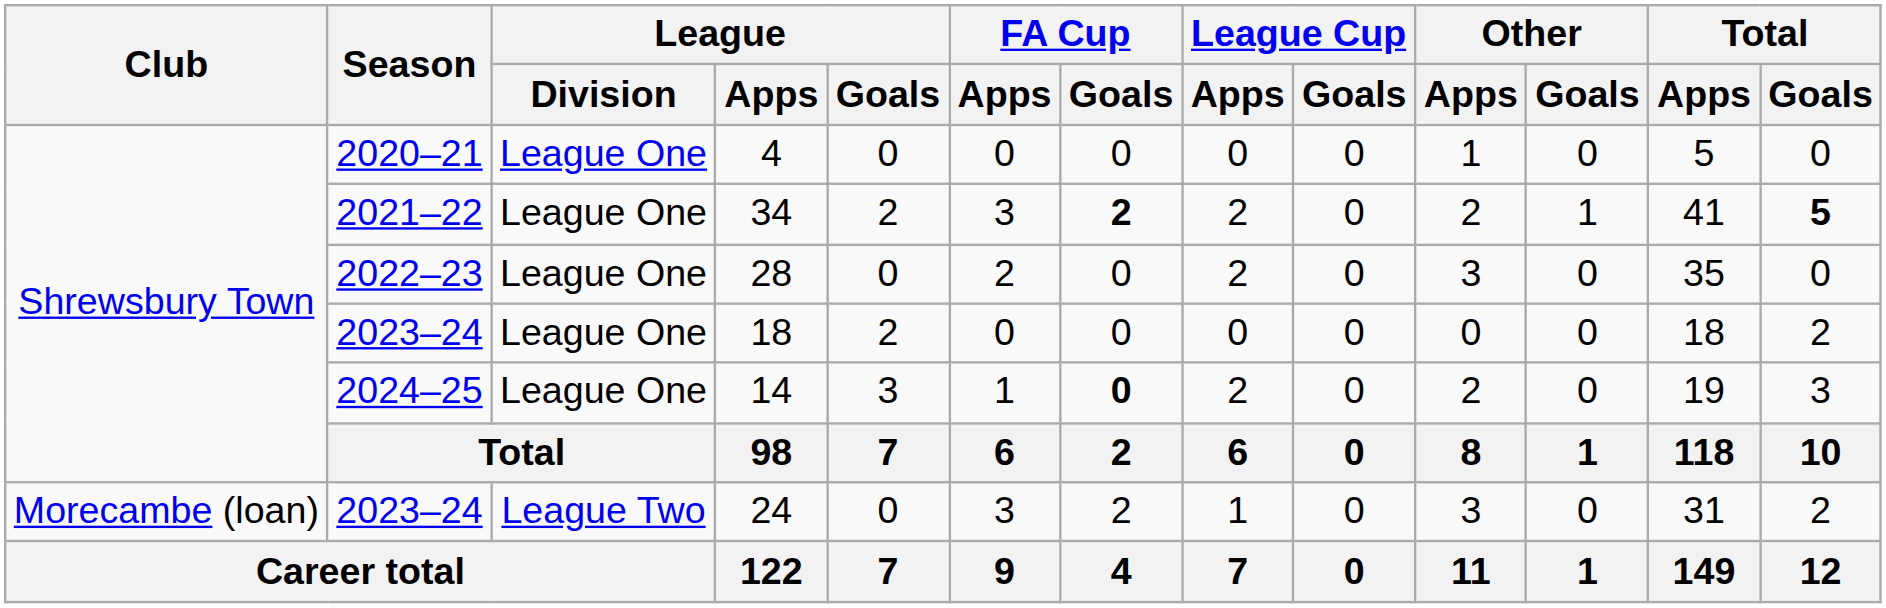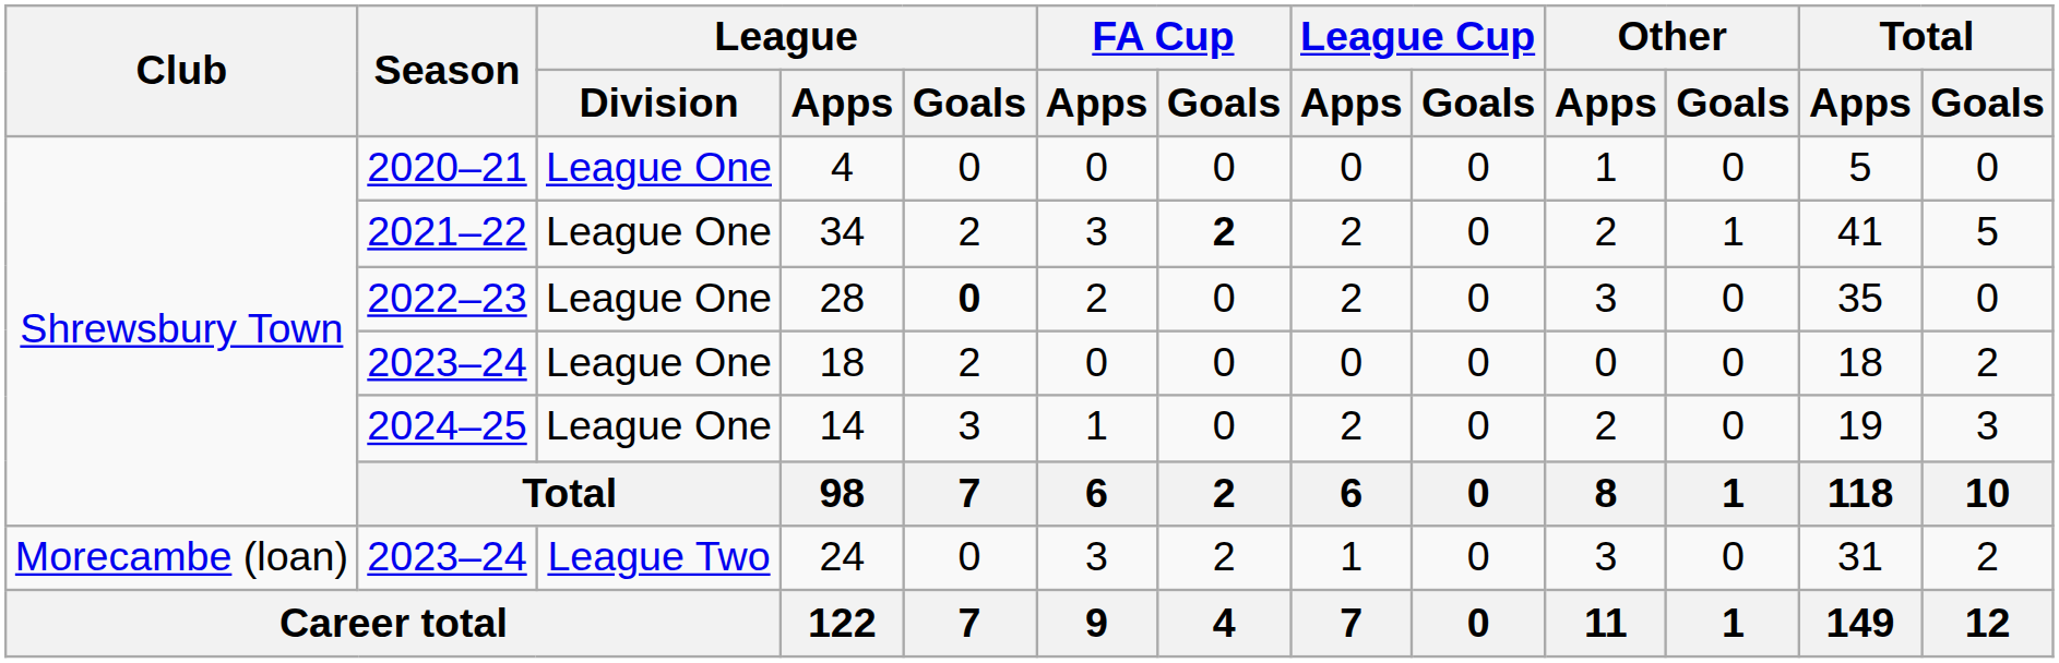 <table class=wikitable style="text-align: center">
 <tr>
 <th rowspan=2>Club</th>
 <th rowspan=2>Season</th>
 <th colspan=3>League</th>
 <th colspan=2><a href='#'>FA Cup</a></th>
 <th colspan=2><a href='#'>League Cup</a></th>
 <th colspan=2>Other</th>
 <th colspan=2>Total</th>
 </tr>
 <tr>
 <th>Division</th>
 <th>Apps</th>
 <th>Goals</th>
 <th>Apps</th>
 <th>Goals</th>
 <th>Apps</th>
 <th>Goals</th>
 <th>Apps</th>
 <th>Goals</th>
 <th>Apps</th>
 <th>Goals</th>
 </tr>
 <tr>
 <td rowspan=6><a href='#'>Shrewsbury Town</a></td>
 <td><a href='#'>2020–21</a></td>
 <td><a href='#'>League One</a></td>
 <td>4</td>
 <td>0</td>
 <td>0</td>
 <td>0</td>
 <td>0</td>
 <td>0</td>
 <td>1</td>
 <td>0</td>
 <td>5</td>
 <td>0</td>
 </tr>
 <tr>
 <td><a href='#'>2021–22</a></td>
 <td>League One</td>
 <td>34</td>
 <td>2</td>
 <td>3</td>
 <td><strong>2</strong></td>
 <td>2</td>
 <td>0</td>
 <td>2</td>
 <td>1</td>
 <td>41</td>
-<td><strong>5</strong></td>
+<td>5</td>
 </tr>
 <tr>
 <td><a href='#'>2022–23</a></td>
 <td>League One</td>
 <td>28</td>
-<td>0</td>
+<td><strong>0</strong></td>
 <td>2</td>
 <td>0</td>
 <td>2</td>
 <td>0</td>
 <td>3</td>
 <td>0</td>
 <td>35</td>
 <td>0</td>
 </tr>
 <tr>
 <td><a href='#'>2023–24</a></td>
 <td>League One</td>
 <td>18</td>
 <td>2</td>
 <td>0</td>
 <td>0</td>
 <td>0</td>
 <td>0</td>
 <td>0</td>
 <td>0</td>
 <td>18</td>
 <td>2</td>
 </tr>
 <tr>
 <td><a href='#'>2024–25</a></td>
 <td>League One</td>
 <td>14</td>
 <td>3</td>
 <td>1</td>
-<td><strong>0</strong></td>
+<td>0</td>
 <td>2</td>
 <td>0</td>
 <td>2</td>
 <td>0</td>
 <td>19</td>
 <td>3</td>
 </tr>
 <tr>
 <th colspan=2>Total</th>
 <th>98</th>
 <th>7</th>
 <th>6</th>
 <th>2</th>
 <th>6</th>
 <th>0</th>
 <th>8</th>
 <th>1</th>
 <th>118</th>
 <th>10</th>
 </tr>
 <tr>
 <td><a href='#'>Morecambe</a> (loan)</td>
 <td><a href='#'>2023–24</a></td>
 <td><a href='#'>League Two</a></td>
 <td>24</td>
 <td>0</td>
 <td>3</td>
 <td>2</td>
 <td>1</td>
 <td>0</td>
 <td>3</td>
 <td>0</td>
 <td>31</td>
 <td>2</td>
 </tr>
 <tr>
 <th colspan=3>Career total</th>
 <th>122</th>
 <th>7</th>
 <th>9</th>
 <th>4</th>
 <th>7</th>
 <th>0</th>
 <th>11</th>
 <th>1</th>
 <th>149</th>
 <th>12</th>
 </tr>
 </table>
